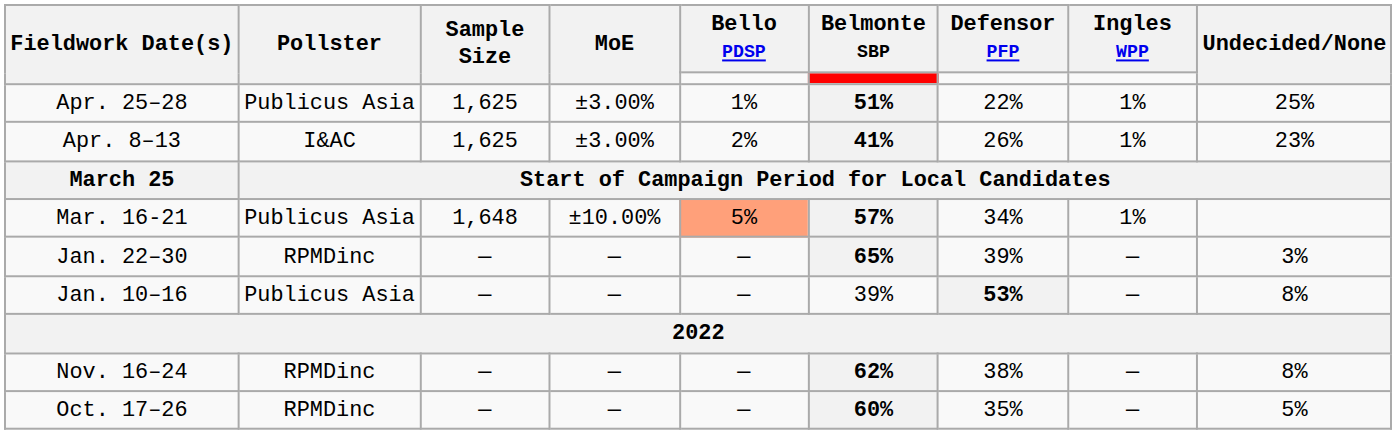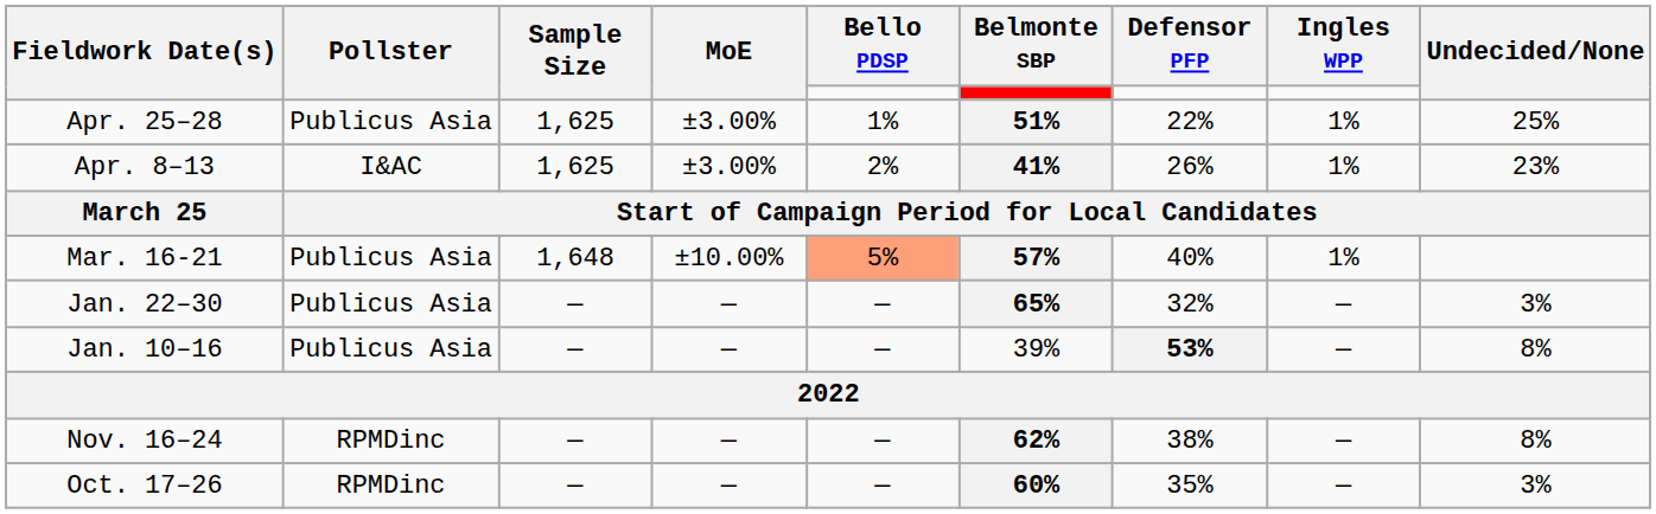 <table class="wikitable" style="text-align:center;font-size:85%;line-height:14px">
 <tr>
 <th rowspan="2">Fieldwork Date(s)</th>
 <th rowspan="2">Pollster</th>
 <th rowspan="2" style="width:60px;">Sample Size</th>
 <th rowspan="2" style="width:60px;">MoE</th>
 <th style="width:60px;">Bello<br><small><a href='#'>PDSP</a></small></th>
 <th style="width:60px;">Belmonte<br><small>SBP</small></th>
 <th style="width:60px;">Defensor<br><small><a href='#'>PFP</a></small></th>
 <th style="width:60px;">Ingles<br><small><a href='#'>WPP</a></small></th>
 <th rowspan="2" style="width:60px;">Undecided/None</th>
 </tr>
 <tr>
 <td style="background:"></td>
 <td style="background:#ff0000;"></td>
 <td style="background:"></td>
 <td style="background:"></td>
 </tr>
 <tr>
 <td>Apr. 25–28</td>
 <td>Publicus Asia</td>
 <td>1,625</td>
 <td>±3.00%</td>
 <td>1%</td>
 <th style="background-color:#">51%</th>
 <td>22%</td>
 <td>1%</td>
 <td>25%</td>
 </tr>
 <tr>
 <td>Apr. 8–13</td>
 <td>I&AC</td>
 <td>1,625</td>
 <td>±3.00%</td>
 <td>2%</td>
 <th style="background-color:#">41%</th>
 <td>26%</td>
 <td>1%</td>
 <td>23%</td>
 </tr>
 <tr>
 <th>March 25</th>
 <th colspan="8">Start of Campaign Period for Local Candidates</th>
 </tr>
 <tr>
 <td>Mar. 16-21</td>
 <td>Publicus Asia</td>
 <td>1,648</td>
 <td>±10.00%</td>
 <td style="background: lightsalmon;">5%</td>
 <th style="background-color:#">57%</th>
-<td>34%</td>
+<td>40%</td>
 <td>1%</td>
 <td></td>
 </tr>
 <tr>
 <td>Jan. 22–30</td>
-<td>RPMDinc</td>
+<td>Publicus Asia</td>
 <td>—</td>
 <td>—</td>
 <td>—</td>
 <th style="background-color:#"><strong>65%</strong></th>
-<td>39%</td>
+<td>32%</td>
 <td>—</td>
 <td>3%</td>
 </tr>
 <tr>
 <td>Jan. 10–16</td>
 <td>Publicus Asia</td>
 <td>—</td>
 <td>—</td>
 <td>—</td>
 <td>39%</td>
 <th style="background-color:#"><strong>53%</strong></th>
 <td>—</td>
 <td>8%</td>
 </tr>
 <tr>
 <th colspan="9">2022</th>
 </tr>
 <tr>
 <td>Nov. 16–24</td>
 <td>RPMDinc</td>
 <td>—</td>
 <td>—</td>
 <td>—</td>
 <th style="background-color:#"><strong>62%</strong></th>
 <td>38%</td>
 <td>—</td>
 <td>8%</td>
 </tr>
 <tr>
 <td>Oct. 17–26</td>
 <td>RPMDinc</td>
 <td>—</td>
 <td>—</td>
 <td>—</td>
 <th style="background-color:#"><strong>60%</strong></th>
 <td>35%</td>
 <td>—</td>
-<td>5%</td>
+<td>3%</td>
 </tr>
 </table>
